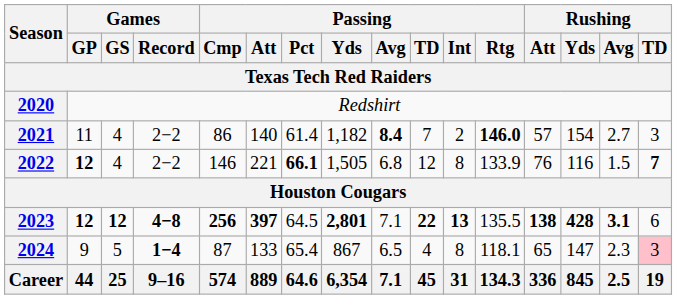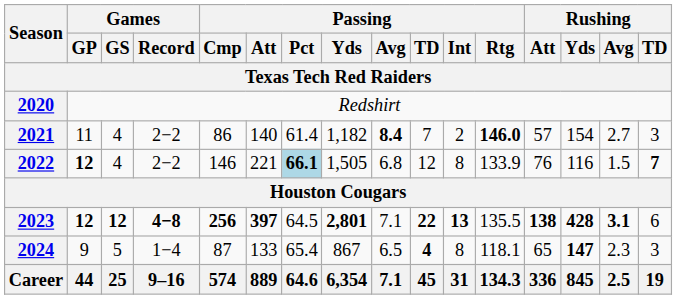 <table class="wikitable" style="text-align:center;">
 <tr>
 <th rowspan="2">Season</th>
 <th colspan="3">Games</th>
 <th colspan="8">Passing</th>
 <th colspan="4">Rushing</th>
 </tr>
 <tr>
 <th>GP</th>
 <th>GS</th>
 <th>Record</th>
 <th>Cmp</th>
 <th>Att</th>
 <th>Pct</th>
 <th>Yds</th>
 <th>Avg</th>
 <th>TD</th>
 <th>Int</th>
 <th>Rtg</th>
 <th>Att</th>
 <th>Yds</th>
 <th>Avg</th>
 <th>TD</th>
 </tr>
 <tr>
 <th colspan="16">Texas Tech Red Raiders</th>
 </tr>
 <tr>
 <th><a href='#'>2020</a></th>
 <td colspan="15"><em>Redshirt </em></td>
 </tr>
 <tr>
 <th><a href='#'>2021</a></th>
 <td>11</td>
 <td>4</td>
 <td>2−2</td>
 <td>86</td>
 <td>140</td>
 <td>61.4</td>
 <td>1,182</td>
 <td><strong>8.4</strong></td>
 <td>7</td>
 <td>2</td>
 <td><strong>146.0</strong></td>
 <td>57</td>
 <td>154</td>
 <td>2.7</td>
 <td>3</td>
 </tr>
 <tr>
 <th><a href='#'>2022</a></th>
 <td><strong>12</strong></td>
 <td>4</td>
 <td>2−2</td>
 <td>146</td>
 <td>221</td>
-<td><strong>66.1</strong></td>
+<td style="background: lightblue;"><strong>66.1</strong></td>
 <td>1,505</td>
 <td>6.8</td>
 <td>12</td>
 <td>8</td>
 <td>133.9</td>
 <td>76</td>
 <td>116</td>
 <td>1.5</td>
 <td><strong>7</strong></td>
 </tr>
 <tr>
 <th colspan="16">Houston Cougars</th>
 </tr>
 <tr>
 <th><a href='#'>2023</a></th>
 <td><strong>12</strong></td>
 <td><strong>12</strong></td>
 <td><strong>4−8</strong></td>
 <td><strong>256</strong></td>
 <td><strong>397</strong></td>
 <td>64.5</td>
 <td><strong>2,801</strong></td>
 <td>7.1</td>
 <td><strong>22</strong></td>
 <td><strong>13</strong></td>
 <td>135.5</td>
 <td><strong>138</strong></td>
 <td><strong>428</strong></td>
 <td><strong>3.1</strong></td>
 <td>6</td>
 </tr>
 <tr>
 <th><a href='#'>2024</a></th>
 <td>9</td>
 <td>5</td>
-<td><strong>1−4</strong></td>
+<td>1−4</td>
 <td>87</td>
 <td>133</td>
 <td>65.4</td>
 <td>867</td>
 <td>6.5</td>
-<td>4</td>
+<td><strong>4</strong></td>
 <td>8</td>
 <td>118.1</td>
 <td>65</td>
-<td>147</td>
+<td><strong>147</strong></td>
 <td>2.3</td>
-<td style="background: pink;">3</td>
+<td>3</td>
 </tr>
 <tr class="sortbottom" style="background:#eee;">
 <th><strong>Career</strong></th>
 <th>44</th>
 <th>25</th>
 <th>9–16</th>
 <th>574</th>
 <th>889</th>
 <th>64.6</th>
 <th>6,354</th>
 <th>7.1</th>
 <th>45</th>
 <th>31</th>
 <th>134.3</th>
 <th>336</th>
 <th>845</th>
 <th>2.5</th>
 <th>19</th>
 </tr>
 </table>
